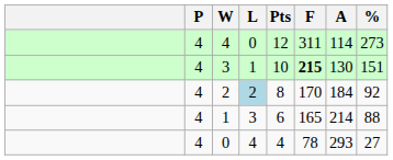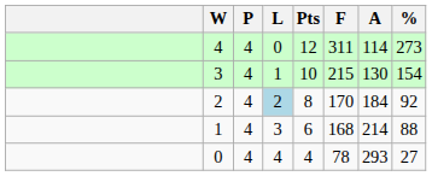 <table class=wikitable style="text-align:center">
 <tr>
 <th width=175></th>
+<th width=20>W</th>
 <th width=20>P</th>
-<th width=20>W</th>
 <th width=20>L</th>
 <th width=20>Pts</th>
 <th width=20>F</th>
 <th width=20>A</th>
 <th width=20>%</th>
 </tr>
 <tr style="background-color:#ccffcc;">
 <td style="text-align:left;"></td>
 <td>4</td>
 <td>4</td>
 <td>0</td>
 <td>12</td>
 <td>311</td>
 <td>114</td>
 <td>273</td>
 </tr>
 <tr style="background-color:#ccffcc;">
 <td style="text-align:left;"></td>
+<td>3</td>
 <td>4</td>
-<td>3</td>
 <td>1</td>
 <td>10</td>
-<td><strong>215</strong></td>
+<td>215</td>
 <td>130</td>
-<td>151</td>
+<td>154</td>
 </tr>
 <tr>
 <td style="text-align:left;"></td>
+<td>2</td>
 <td>4</td>
-<td>2</td>
 <td style="background: lightblue;">2</td>
 <td>8</td>
 <td>170</td>
 <td>184</td>
 <td>92</td>
 </tr>
 <tr>
 <td style="text-align:left;"></td>
+<td>1</td>
 <td>4</td>
-<td>1</td>
 <td>3</td>
 <td>6</td>
-<td>165</td>
+<td>168</td>
 <td>214</td>
 <td>88</td>
 </tr>
 <tr>
 <td style="text-align:left;"></td>
+<td>0</td>
 <td>4</td>
-<td>0</td>
 <td>4</td>
 <td>4</td>
 <td>78</td>
 <td>293</td>
 <td>27</td>
 </tr>
 </table>
